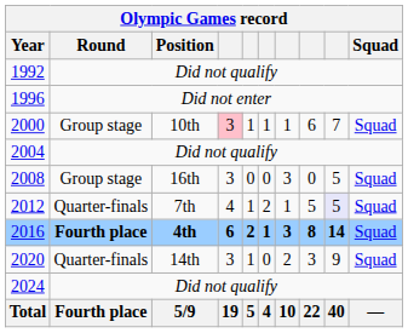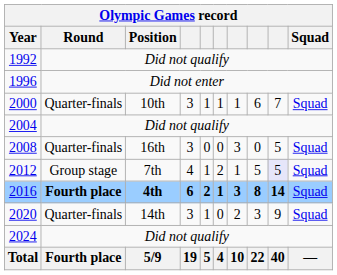 <table class="wikitable" style="text-align: center;">
 <tr>
 <th colspan=10><a href='#'>Olympic Games</a> record</th>
 </tr>
 <tr>
 <th>Year</th>
 <th>Round</th>
 <th>Position</th>
 <th></th>
 <th></th>
 <th></th>
 <th></th>
 <th></th>
 <th></th>
 <th>Squad</th>
 </tr>
 <tr>
 <td> <a href='#'>1992</a></td>
 <td colspan=9><em>Did not qualify</em></td>
 </tr>
 <tr>
 <td> <a href='#'>1996</a></td>
 <td colspan=9><em>Did not enter</em></td>
 </tr>
 <tr>
 <td> <a href='#'>2000</a></td>
-<td>Group stage</td>
+<td>Quarter-finals</td>
 <td>10th</td>
-<td style="background: pink;">3</td>
+<td>3</td>
 <td>1</td>
 <td>1</td>
 <td>1</td>
 <td>6</td>
 <td>7</td>
 <td><a href='#'>Squad</a></td>
 </tr>
 <tr>
 <td> <a href='#'>2004</a></td>
 <td colspan=9><em>Did not qualify</em></td>
 </tr>
 <tr>
 <td> <a href='#'>2008</a></td>
-<td>Group stage</td>
+<td>Quarter-finals</td>
 <td>16th</td>
 <td>3</td>
 <td>0</td>
 <td>0</td>
 <td>3</td>
 <td>0</td>
 <td>5</td>
 <td><a href='#'>Squad</a></td>
 </tr>
 <tr>
 <td> <a href='#'>2012</a></td>
-<td>Quarter-finals</td>
+<td>Group stage</td>
 <td>7th</td>
 <td>4</td>
 <td>1</td>
 <td>2</td>
 <td>1</td>
 <td>5</td>
 <td style="background: lavender;">5</td>
 <td><a href='#'>Squad</a></td>
 </tr>
 <tr style="background:#9acdff">
 <td> <a href='#'>2016</a></td>
 <td><strong>Fourth place</strong></td>
 <td><strong>4th</strong></td>
 <td><strong>6</strong></td>
 <td><strong>2</strong></td>
 <td><strong>1</strong></td>
 <td><strong>3</strong></td>
 <td><strong>8</strong></td>
 <td><strong>14</strong></td>
 <td><a href='#'>Squad</a></td>
 </tr>
 <tr>
 <td> <a href='#'>2020</a></td>
 <td>Quarter-finals</td>
 <td>14th</td>
 <td>3</td>
 <td>1</td>
 <td>0</td>
 <td>2</td>
 <td>3</td>
 <td>9</td>
 <td><a href='#'>Squad</a></td>
 </tr>
 <tr>
 <td> <a href='#'>2024</a></td>
 <td colspan=9><em>Did not qualify</em></td>
 </tr>
 <tr>
 <th>Total</th>
 <th>Fourth place</th>
 <th>5/9</th>
 <th>19</th>
 <th>5</th>
 <th>4</th>
 <th>10</th>
 <th>22</th>
 <th>40</th>
 <th>—</th>
 </tr>
 </table>
